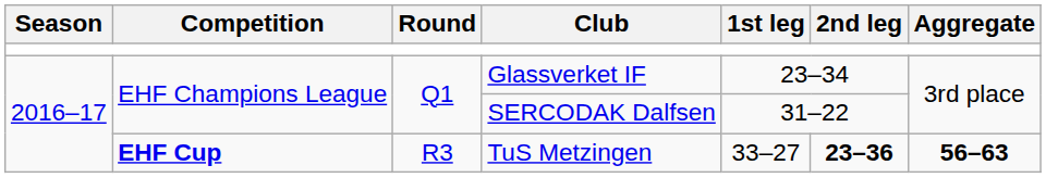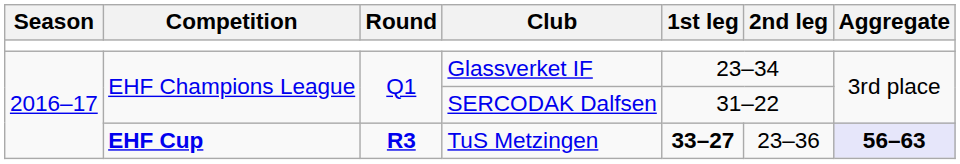 <table class="wikitable">
 <tr>
 <th>Season</th>
 <th>Competition</th>
 <th>Round</th>
 <th>Club</th>
 <th>1st leg</th>
 <th>2nd leg</th>
 <th>Aggregate</th>
 </tr>
 <tr>
 <td colspan="7" bgcolor=white></td>
 </tr>
 <tr>
 <td rowspan="3"><a href='#'>2016–17</a></td>
 <td rowspan="2"><a href='#'>EHF Champions League</a></td>
 <td rowspan="2" style="text-align:center;"><a href='#'>Q1</a></td>
 <td> <a href='#'>Glassverket IF</a></td>
 <td colspan="2" style="text-align:center;">23–34</td>
 <td rowspan="2" style="text-align:center;">3rd place</td>
 </tr>
 <tr>
 <td> <a href='#'>SERCODAK Dalfsen</a></td>
 <td colspan="2" style="text-align:center;">31–22</td>
 </tr>
 <tr>
 <td><strong><a href='#'>EHF Cup</a></strong></td>
-<td style="text-align:center;"><a href='#'>R3</a></td>
+<td style="text-align:center;"><strong><a href='#'>R3</a></strong></td>
 <td> <a href='#'>TuS Metzingen</a></td>
-<td style="text-align:center;">33–27</td>
-<td style="text-align:center;"><strong>23–36</strong></td>
-<td style="text-align:center;"><strong>56–63</strong></td>
+<td style="text-align:center;"><strong>33–27</strong></td>
+<td style="text-align:center;">23–36</td>
+<td style="background: lavender; text-align:center;"><strong>56–63</strong></td>
 </tr>
 </table>
